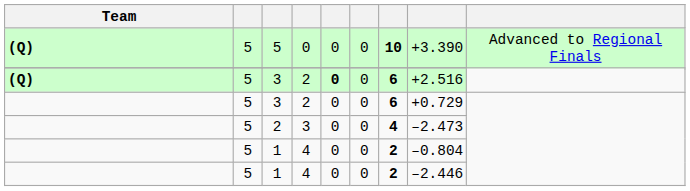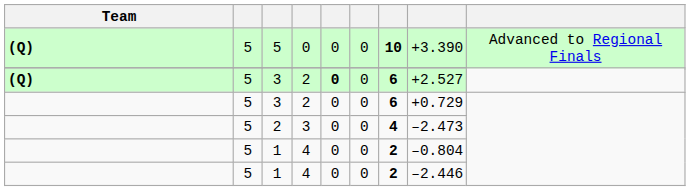 <table class="wikitable" style="text-align:center">
 <tr>
 <th width=200>Team</th>
 <th width=20></th>
 <th width=20></th>
 <th width=20></th>
 <th width=20></th>
 <th width=20></th>
 <th width=20></th>
 <th width=45></th>
 <th width=190></th>
 </tr>
 <tr style="background:#cfc">
 <td align="left"> <strong>(Q)</strong></td>
 <td>5</td>
 <td>5</td>
 <td>0</td>
 <td>0</td>
 <td>0</td>
 <td><strong>10</strong></td>
 <td>+3.390</td>
 <td rowspan=2>Advanced to <a href='#'>Regional Finals</a></td>
 </tr>
 <tr>
 </tr>
 <tr style="background:#cfc">
 <td align="left"> <strong>(Q)</strong></td>
 <td>5</td>
 <td>3</td>
 <td>2</td>
 <td><strong>0</strong></td>
 <td>0</td>
 <td><strong>6</strong></td>
-<td>+2.516</td>
+<td>+2.527</td>
 </tr>
 <tr>
 <td align="left"></td>
 <td>5</td>
 <td>3</td>
 <td>2</td>
 <td>0</td>
 <td>0</td>
 <td><strong>6</strong></td>
 <td>+0.729</td>
 <td rowspan=4></td>
 </tr>
 <tr>
 <td align="left"></td>
 <td>5</td>
 <td>2</td>
 <td>3</td>
 <td>0</td>
 <td>0</td>
 <td><strong>4</strong></td>
 <td>–2.473</td>
 </tr>
 <tr>
 <td align="left"></td>
 <td>5</td>
 <td>1</td>
 <td>4</td>
 <td>0</td>
 <td>0</td>
 <td><strong>2</strong></td>
 <td>–0.804</td>
 </tr>
 <tr>
 <td align="left"></td>
 <td>5</td>
 <td>1</td>
 <td>4</td>
 <td>0</td>
 <td>0</td>
 <td><strong>2</strong></td>
 <td>–2.446</td>
 </tr>
 </table>
